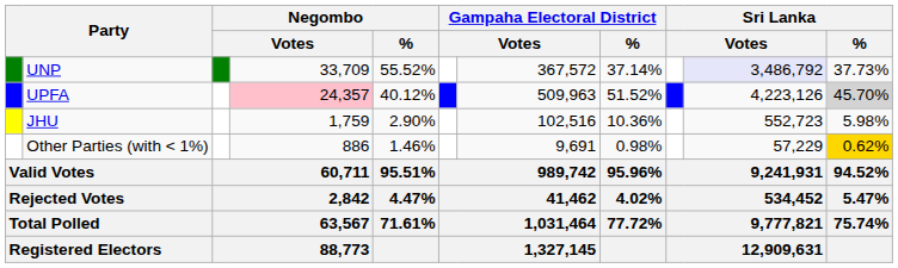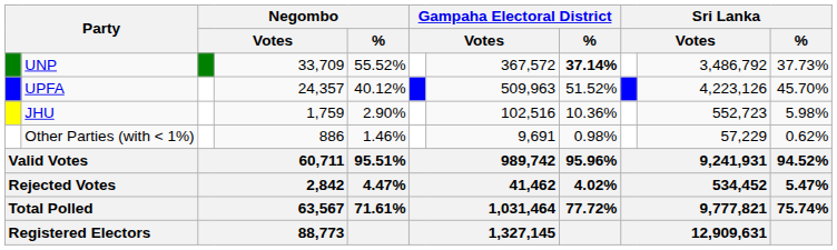 <table class="wikitable">
 <tr>
 <th colspan="2" width="144px"rowspan="2">Party</th>
 <th colspan="3" width="216px">Negombo</th>
 <th colspan="3" width="216px"><a href='#'>Gampaha Electoral District</a></th>
 <th colspan="3" width="216px">Sri Lanka</th>
 </tr>
 <tr>
 <th colspan="2" width="144px">Votes</th>
 <th>%</th>
 <th colspan="2" width="144px">Votes</th>
 <th>%</th>
 <th colspan="2" width="144px">Votes</th>
 <th>%</th>
 </tr>
 <tr>
 <td style="background-color:green;" width="10px"></td>
 <td style="text-align:left;"><a href='#'>UNP</a></td>
 <td style="background-color:green;" width="10px"></td>
 <td style="text-align:right;">33,709</td>
 <td style="text-align:right;">55.52%</td>
 <td style="background-color:white;" width="10px"></td>
 <td style="text-align:right;">367,572</td>
-<td style="text-align:right;">37.14%</td>
+<td style="text-align:right;"><strong>37.14%</strong></td>
 <td style="background-color:white;" width="10px"></td>
-<td style="background: lavender; text-align:right;">3,486,792</td>
+<td style="text-align:right;">3,486,792</td>
 <td style="text-align:right;">37.73%</td>
 </tr>
 <tr>
 <td style="background-color:blue;" width="10px"></td>
 <td style="text-align:left;"><a href='#'>UPFA</a></td>
 <td style="background-color:white;" width="10px"></td>
-<td style="background: pink; text-align:right;">24,357</td>
+<td style="text-align:right;">24,357</td>
 <td style="text-align:right;">40.12%</td>
 <td style="background-color:blue;" width="10px"></td>
 <td style="text-align:right;">509,963</td>
 <td style="text-align:right;">51.52%</td>
 <td style="background-color:blue;" width="10px"></td>
 <td style="text-align:right;">4,223,126</td>
-<td style="background: lightgrey; text-align:right;">45.70%</td>
+<td style="text-align:right;">45.70%</td>
 </tr>
 <tr>
 <td style="background-color:yellow;" width="10px"></td>
 <td style="text-align:left;"><a href='#'>JHU</a></td>
 <td style="background-color:white;" width="10px"></td>
 <td style="text-align:right;">1,759</td>
 <td style="text-align:right;">2.90%</td>
 <td style="background-color:white;" width="10px"></td>
 <td style="text-align:right;">102,516</td>
 <td style="text-align:right;">10.36%</td>
 <td style="background-color:white;" width="10px"></td>
 <td style="text-align:right;">552,723</td>
 <td style="text-align:right;">5.98%</td>
 </tr>
 <tr>
 <td style="background-color:white;" width="10px"></td>
 <td style="text-align:left;">Other Parties (with < 1%)</td>
 <td style="background-color:white;" width="10px"></td>
 <td style="text-align:right;">886</td>
 <td style="text-align:right;">1.46%</td>
 <td style="background-color:white;" width="10px"></td>
 <td style="text-align:right;">9,691</td>
 <td style="text-align:right;">0.98%</td>
 <td style="background-color:white;" width="10px"></td>
 <td style="text-align:right;">57,229</td>
-<td style="background: gold; text-align:right;">0.62%</td>
+<td style="text-align:right;">0.62%</td>
 </tr>
 <tr>
 <th colspan="2" width="144px"style="text-align:left;">Valid Votes</th>
 <th style="text-align:right;"colspan="2" width="144px">60,711</th>
 <th style="text-align:right;">95.51%</th>
 <th style="text-align:right;"colspan="2" width="144px">989,742</th>
 <th style="text-align:right;">95.96%</th>
 <th style="text-align:right;"colspan="2" width="144px">9,241,931</th>
 <th style="text-align:right;">94.52%</th>
 </tr>
 <tr>
 <th colspan="2" width="144px"style="text-align:left;">Rejected Votes</th>
 <th style="text-align:right;"colspan="2" width="144px">2,842</th>
 <th style="text-align:right;">4.47%</th>
 <th style="text-align:right;"colspan="2" width="144px">41,462</th>
 <th style="text-align:right;">4.02%</th>
 <th style="text-align:right;"colspan="2" width="144px">534,452</th>
 <th style="text-align:right;">5.47%</th>
 </tr>
 <tr>
 <th colspan="2" width="144px"style="text-align:left;">Total Polled</th>
 <th style="text-align:right;"colspan="2" width="144px">63,567</th>
 <th style="text-align:right;">71.61%</th>
 <th style="text-align:right;"colspan="2" width="144px">1,031,464</th>
 <th style="text-align:right;">77.72%</th>
 <th style="text-align:right;"colspan="2" width="144px">9,777,821</th>
 <th style="text-align:right;">75.74%</th>
 </tr>
 <tr>
 <th colspan="2" width="144px"style="text-align:left;">Registered Electors</th>
 <th style="text-align:right;"colspan="2" width="144px">88,773</th>
 <th></th>
 <th style="text-align:right;"colspan="2" width="144px">1,327,145</th>
 <th></th>
 <th style="text-align:right;"colspan="2" width="144px">12,909,631</th>
 <th></th>
 </tr>
 </table>
